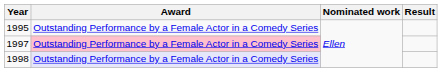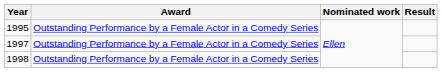 <table class="wikitable sortable">
 <tr>
 <th>Year</th>
 <th>Award</th>
 <th>Nominated work</th>
 <th>Result</th>
 </tr>
 <tr>
 <td>1995</td>
 <td><a href='#'>Outstanding Performance by a Female Actor in a Comedy Series</a></td>
 <td rowspan="3"><em><a href='#'>Ellen</a></em></td>
 <td></td>
 </tr>
 <tr>
 <td>1997</td>
-<td style="background: pink;"><a href='#'>Outstanding Performance by a Female Actor in a Comedy Series</a></td>
+<td><a href='#'>Outstanding Performance by a Female Actor in a Comedy Series</a></td>
 <td></td>
 </tr>
 <tr>
 <td>1998</td>
-<td style="background: lavender;"><a href='#'>Outstanding Performance by a Female Actor in a Comedy Series</a></td>
+<td><a href='#'>Outstanding Performance by a Female Actor in a Comedy Series</a></td>
 <td></td>
 </tr>
 </table>
